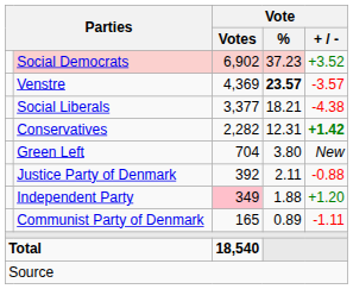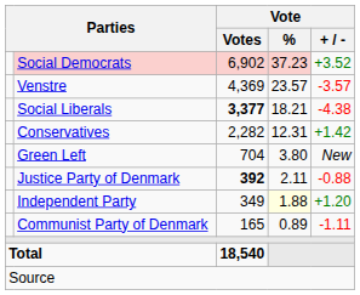 <table class="wikitable" style="text-align:right;">
 <tr>
 <th style="text-align:centre;" rowspan="2" colspan="2" width="225">Parties</th>
 <th colspan="3">Vote</th>
 </tr>
 <tr>
 <th width="15">Votes</th>
 <th width="15">%</th>
 <th width="15">+ / -</th>
 </tr>
 <tr>
 <td width="2" style="color:inherit;background:"></td>
 <td bgcolor=#fbd0ce  align="left"><a href='#'>Social Democrats</a></td>
 <td bgcolor=#fbd0ce>6,902</td>
 <td bgcolor=#fbd0ce>37.23</td>
 <td style=color:green;>+3.52</td>
 </tr>
 <tr>
 <td width="2" style="color:inherit;background:"></td>
 <td align="left"><a href='#'>Venstre</a></td>
 <td>4,369</td>
-<td><strong>23.57</strong></td>
+<td>23.57</td>
 <td style=color:red;>-3.57</td>
 </tr>
 <tr>
 <td width="2" style="color:inherit;background:"></td>
 <td align="left"><a href='#'>Social Liberals</a></td>
-<td>3,377</td>
+<td><strong>3,377</strong></td>
 <td>18.21</td>
 <td style=color:red;>-4.38</td>
 </tr>
 <tr>
 <td width="2" style="color:inherit;background:"></td>
 <td align="left"><a href='#'>Conservatives</a></td>
 <td>2,282</td>
 <td>12.31</td>
-<td style=color:green;><strong>+1.42</strong></td>
+<td style=color:green;>+1.42</td>
 </tr>
 <tr>
 <td width="2" style="color:inherit;background:"></td>
 <td align="left"><a href='#'>Green Left</a></td>
 <td>704</td>
 <td>3.80</td>
 <td><em>New</em></td>
 </tr>
 <tr>
 <td width="2" style="color:inherit;background:"></td>
 <td align="left"><a href='#'>Justice Party of Denmark</a></td>
-<td>392</td>
+<td><strong>392</strong></td>
 <td>2.11</td>
 <td style=color:red;>-0.88</td>
 </tr>
 <tr>
 <td width="2" style="color:inherit;background:"></td>
 <td align="left"><a href='#'>Independent Party</a></td>
-<td style="background: pink;">349</td>
-<td>1.88</td>
+<td>349</td>
+<td style="background: lightyellow;">1.88</td>
 <td style=color:green;>+1.20</td>
 </tr>
 <tr>
 <td width="2" style="color:inherit;background:"></td>
 <td align="left"><a href='#'>Communist Party of Denmark</a></td>
 <td>165</td>
 <td>0.89</td>
 <td style=color:red;>-1.11</td>
 </tr>
 <tr>
 <td colspan="7" bgcolor="#E9E9E9"></td>
 </tr>
 <tr>
 <td align="left" colspan="2"><strong>Total</strong></td>
 <td><strong>18,540</strong></td>
 <td bgcolor="#E9E9E9" colspan="2"></td>
 </tr>
 <tr>
 <td align="left" colspan="6">Source</td>
 </tr>
 </table>
